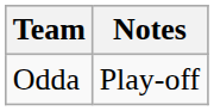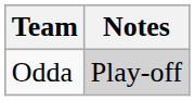 <table class="wikitable">
 <tr>
 <th>Team</th>
 <th>Notes</th>
 </tr>
 <tr>
 <td>Odda</td>
-<td>Play-off</td>
+<td style="background: lightgrey;">Play-off</td>
 </tr>
 </table>
